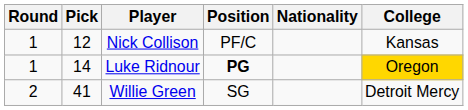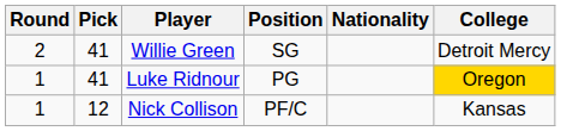 <table class="wikitable sortable sortable">
 <tr>
 <th>Round</th>
 <th>Pick</th>
 <th>Player</th>
 <th>Position</th>
 <th>Nationality</th>
 <th>College</th>
 </tr>
 <tr style="text-align: center">
+<td>2</td>
+<td>41</td>
+<td><a href='#'>Willie Green</a></td>
+<td>SG</td>
+<td></td>
+<td>Detroit Mercy</td>
+</tr>
+<tr style="text-align: center">
+<td>1</td>
+<td>41</td>
+<td><a href='#'>Luke Ridnour</a></td>
+<td>PG</td>
+<td></td>
+<td style="background: gold;">Oregon</td>
+</tr>
+<tr style="text-align: center">
 <td>1</td>
 <td>12</td>
 <td><a href='#'>Nick Collison</a></td>
 <td>PF/C</td>
 <td></td>
 <td>Kansas</td>
 </tr>
-<tr style="text-align: center">
-<td>1</td>
-<td>14</td>
-<td><a href='#'>Luke Ridnour</a></td>
-<td><strong>PG</strong></td>
-<td></td>
-<td style="background: gold;">Oregon</td>
-</tr>
-<tr style="text-align: center">
-<td>2</td>
-<td>41</td>
-<td><a href='#'>Willie Green</a></td>
-<td>SG</td>
-<td></td>
-<td>Detroit Mercy</td>
-</tr>
 </table>
